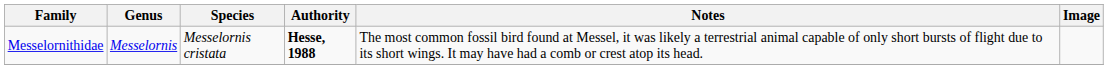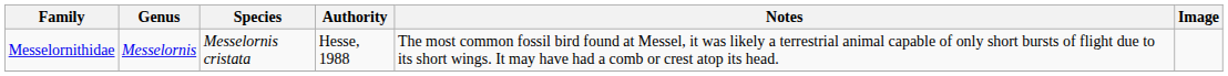 <table class="wikitable" align="center" width="100%">
 <tr>
 <th>Family</th>
 <th>Genus</th>
 <th>Species</th>
 <th>Authority</th>
 <th>Notes</th>
 <th>Image</th>
 </tr>
 <tr>
 <td><a href='#'>Messelornithidae</a></td>
 <td><em><a href='#'>Messelornis</a></em></td>
 <td><em>Messelornis cristata</em></td>
-<td><strong>Hesse, 1988</strong></td>
+<td>Hesse, 1988</td>
 <td>The most common fossil bird found at Messel, it was likely a terrestrial animal capable of only short bursts of flight due to its short wings. It may have had a comb or crest atop its head.</td>
 <td></td>
 </tr>
 <tr>
 </tr>
 </table>
